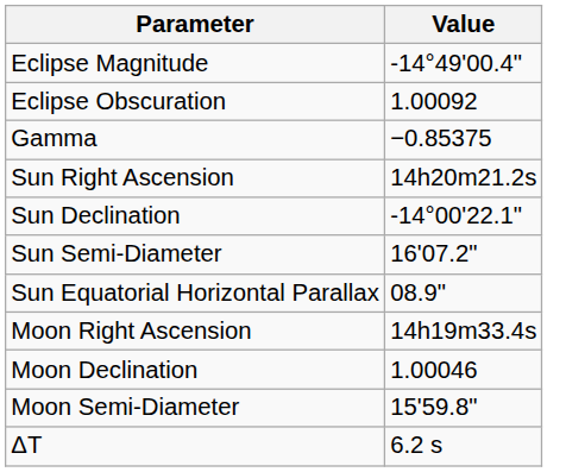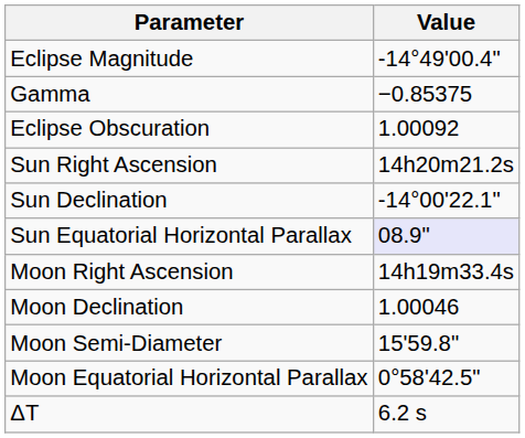 <table class="wikitable">
 <tr>
 <th>Parameter</th>
 <th>Value</th>
 </tr>
 <tr>
 <td>Eclipse Magnitude</td>
 <td>-14°49'00.4"</td>
 </tr>
 <tr>
+<td>Gamma</td>
+<td>−0.85375</td>
+</tr>
+<tr>
 <td>Eclipse Obscuration</td>
 <td>1.00092</td>
-</tr>
-<tr>
-<td>Gamma</td>
-<td>−0.85375</td>
 </tr>
 <tr>
 <td>Sun Right Ascension</td>
 <td>14h20m21.2s</td>
 </tr>
 <tr>
 <td>Sun Declination</td>
 <td>-14°00'22.1"</td>
 </tr>
 <tr>
-<td>Sun Semi-Diameter</td>
-<td>16'07.2"</td>
-</tr>
-<tr>
 <td>Sun Equatorial Horizontal Parallax</td>
-<td>08.9"</td>
+<td style="background: lavender;">08.9"</td>
 </tr>
 <tr>
 <td>Moon Right Ascension</td>
 <td>14h19m33.4s</td>
 </tr>
 <tr>
 <td>Moon Declination</td>
 <td>1.00046</td>
 </tr>
 <tr>
 <td>Moon Semi-Diameter</td>
 <td>15'59.8"</td>
 </tr>
 <tr>
+<td>Moon Equatorial Horizontal Parallax</td>
+<td>0°58'42.5"</td>
+</tr>
+<tr>
 <td>ΔT</td>
 <td>6.2 s</td>
 </tr>
 </table>
